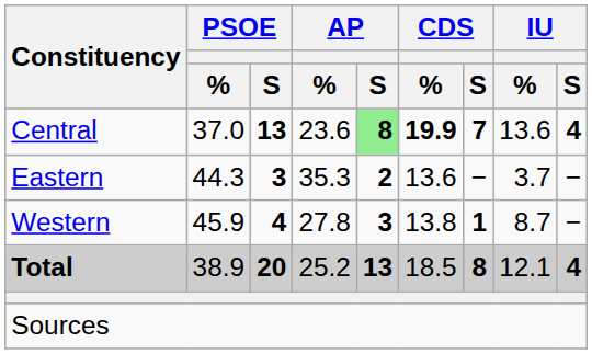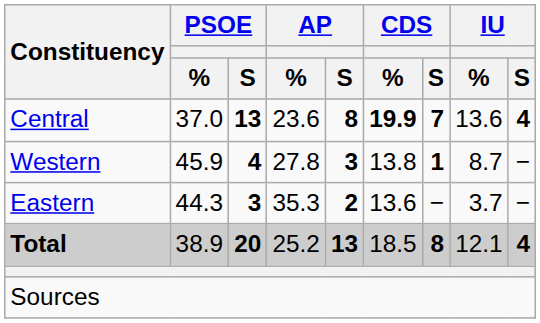 <table class="wikitable sortable" style="text-align:right; line-height:20px;">
 <tr>
 <th rowspan="3">Constituency</th>
 <th colspan="2" width="30px" class="unsortable"><a href='#'>PSOE</a></th>
 <th colspan="2" width="30px" class="unsortable"><a href='#'>AP</a></th>
 <th colspan="2" width="30px" class="unsortable"><a href='#'>CDS</a></th>
 <th colspan="2" width="30px" class="unsortable"><a href='#'>IU</a></th>
 </tr>
 <tr>
 <th colspan="2" style="background:"></th>
 <th colspan="2" style="background:"></th>
 <th colspan="2" style="background:"></th>
 <th colspan="2" style="background:"></th>
 </tr>
 <tr>
 <th data-sort-type="number">%</th>
 <th data-sort-type="number">S</th>
 <th data-sort-type="number">%</th>
 <th data-sort-type="number">S</th>
 <th data-sort-type="number">%</th>
 <th data-sort-type="number">S</th>
 <th data-sort-type="number">%</th>
 <th data-sort-type="number">S</th>
 </tr>
 <tr>
 <td align="left"><a href='#'>Central</a></td>
 <td style="background:">37.0</td>
 <td><strong>13</strong></td>
 <td>23.6</td>
-<td style="background: lightgreen;"><strong>8</strong></td>
+<td><strong>8</strong></td>
 <td><strong>19.9</strong></td>
 <td><strong>7</strong></td>
 <td>13.6</td>
 <td><strong>4</strong></td>
+</tr>
+<tr>
+<td align="left"><a href='#'>Western</a></td>
+<td style="background:">45.9</td>
+<td><strong>4</strong></td>
+<td>27.8</td>
+<td><strong>3</strong></td>
+<td>13.8</td>
+<td><strong>1</strong></td>
+<td>8.7</td>
+<td>−</td>
 </tr>
 <tr>
 <td align="left"><a href='#'>Eastern</a></td>
 <td style="background:">44.3</td>
 <td><strong>3</strong></td>
 <td>35.3</td>
 <td><strong>2</strong></td>
 <td>13.6</td>
 <td>−</td>
 <td>3.7</td>
-<td>−</td>
-</tr>
-<tr>
-<td align="left"><a href='#'>Western</a></td>
-<td style="background:">45.9</td>
-<td><strong>4</strong></td>
-<td>27.8</td>
-<td><strong>3</strong></td>
-<td>13.8</td>
-<td><strong>1</strong></td>
-<td>8.7</td>
 <td>−</td>
 </tr>
 <tr style="background:#CDCDCD;">
 <td align="left"><strong>Total</strong></td>
 <td style="background:">38.9</td>
 <td><strong>20</strong></td>
 <td>25.2</td>
 <td><strong>13</strong></td>
 <td>18.5</td>
 <td><strong>8</strong></td>
 <td>12.1</td>
 <td><strong>4</strong></td>
 </tr>
 <tr>
 <th colspan="9"></th>
 </tr>
 <tr>
 <th style="text-align:left; font-weight:normal; background:#F9F9F9" colspan="9">Sources</th>
 </tr>
 </table>
